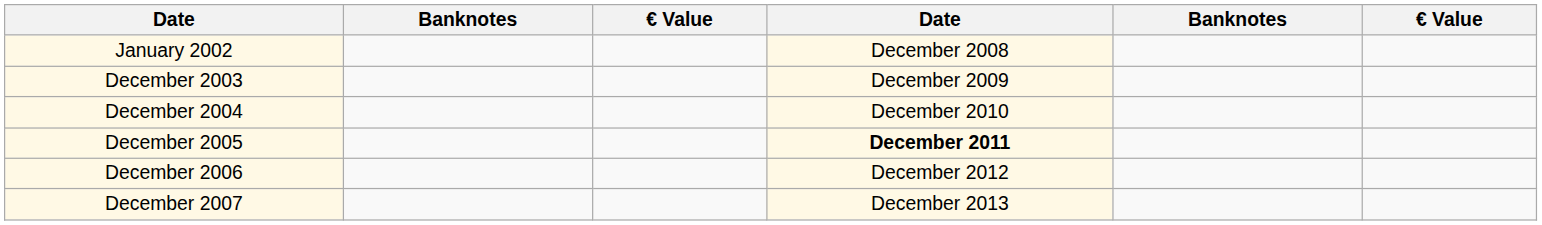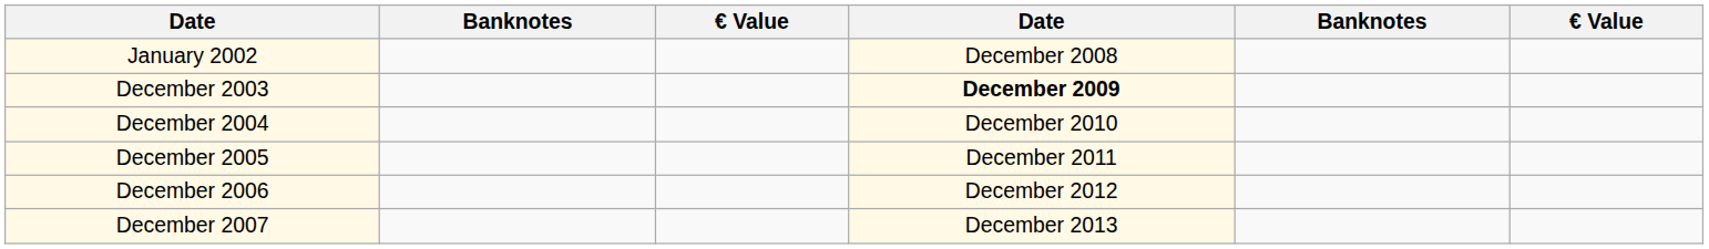 <table class="wikitable" style="border-collapse:collapse" width="80%">
 <tr>
 <th scope="col">Date</th>
 <th scope="col">Banknotes</th>
 <th scope="col">€ Value</th>
 <th scope="col">Date</th>
 <th scope="col">Banknotes</th>
 <th scope="col">€ Value</th>
 </tr>
 <tr align="center">
 <td style="background-color:#FFF9E5;">January 2002</td>
 <td></td>
 <td></td>
 <td style="background-color:#FFF9E5;">December 2008</td>
 <td></td>
 <td></td>
 </tr>
 <tr align="center">
 <td style="background-color:#FFF9E5;">December 2003</td>
 <td></td>
 <td></td>
-<td style="background-color:#FFF9E5;">December 2009</td>
+<td style="background-color:#FFF9E5;"><strong>December 2009</strong></td>
 <td></td>
 <td></td>
 </tr>
 <tr align="center">
 <td style="background-color:#FFF9E5;">December 2004</td>
 <td></td>
 <td></td>
 <td style="background-color:#FFF9E5;">December 2010</td>
 <td></td>
 <td></td>
 </tr>
 <tr align="center">
 <td style="background-color:#FFF9E5;">December 2005</td>
 <td></td>
 <td></td>
-<td style="background-color:#FFF9E5;"><strong>December 2011</strong></td>
+<td style="background-color:#FFF9E5;">December 2011</td>
 <td></td>
 <td></td>
 </tr>
 <tr align="center">
 <td style="background-color:#FFF9E5;">December 2006</td>
 <td></td>
 <td></td>
 <td style="background-color:#FFF9E5;">December 2012</td>
 <td></td>
 <td></td>
 </tr>
 <tr align="center">
 <td style="background-color:#FFF9E5;">December 2007</td>
 <td></td>
 <td></td>
 <td style="background-color:#FFF9E5;">December 2013</td>
 <td></td>
 <td></td>
 </tr>
 </table>
